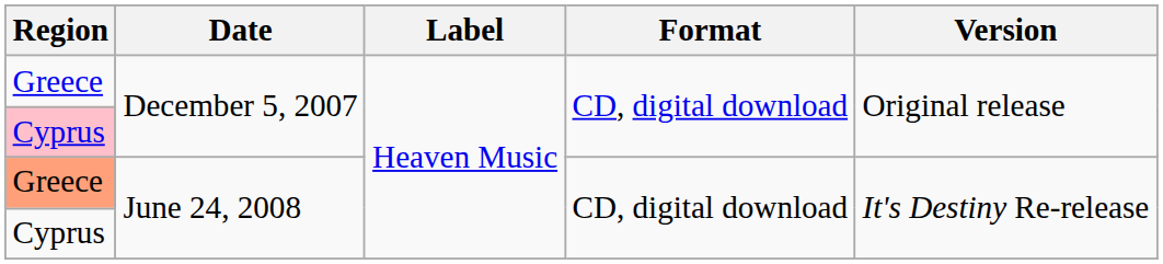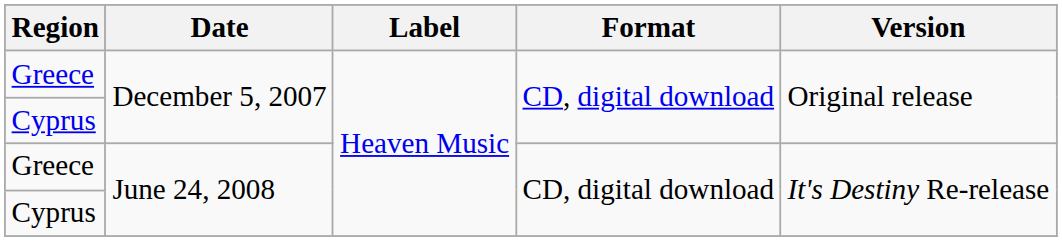 <table class="sortable wikitable">
 <tr>
 <th>Region</th>
 <th>Date</th>
 <th>Label</th>
 <th>Format</th>
 <th>Version</th>
 </tr>
 <tr>
 <td><a href='#'>Greece</a></td>
 <td rowspan="2">December 5, 2007</td>
 <td rowspan="4"><a href='#'>Heaven Music</a></td>
 <td rowspan="2"><a href='#'>CD</a>, <a href='#'>digital download</a></td>
 <td rowspan="2">Original release</td>
 </tr>
 <tr>
-<td style="background: pink;"><a href='#'>Cyprus</a></td>
+<td><a href='#'>Cyprus</a></td>
 </tr>
 <tr>
-<td style="background: lightsalmon;">Greece</td>
+<td>Greece</td>
 <td rowspan="2">June 24, 2008</td>
 <td rowspan="2">CD, digital download</td>
 <td rowspan="2"><em>It's Destiny</em> Re-release</td>
 </tr>
 <tr>
 <td>Cyprus</td>
 </tr>
 </table>
